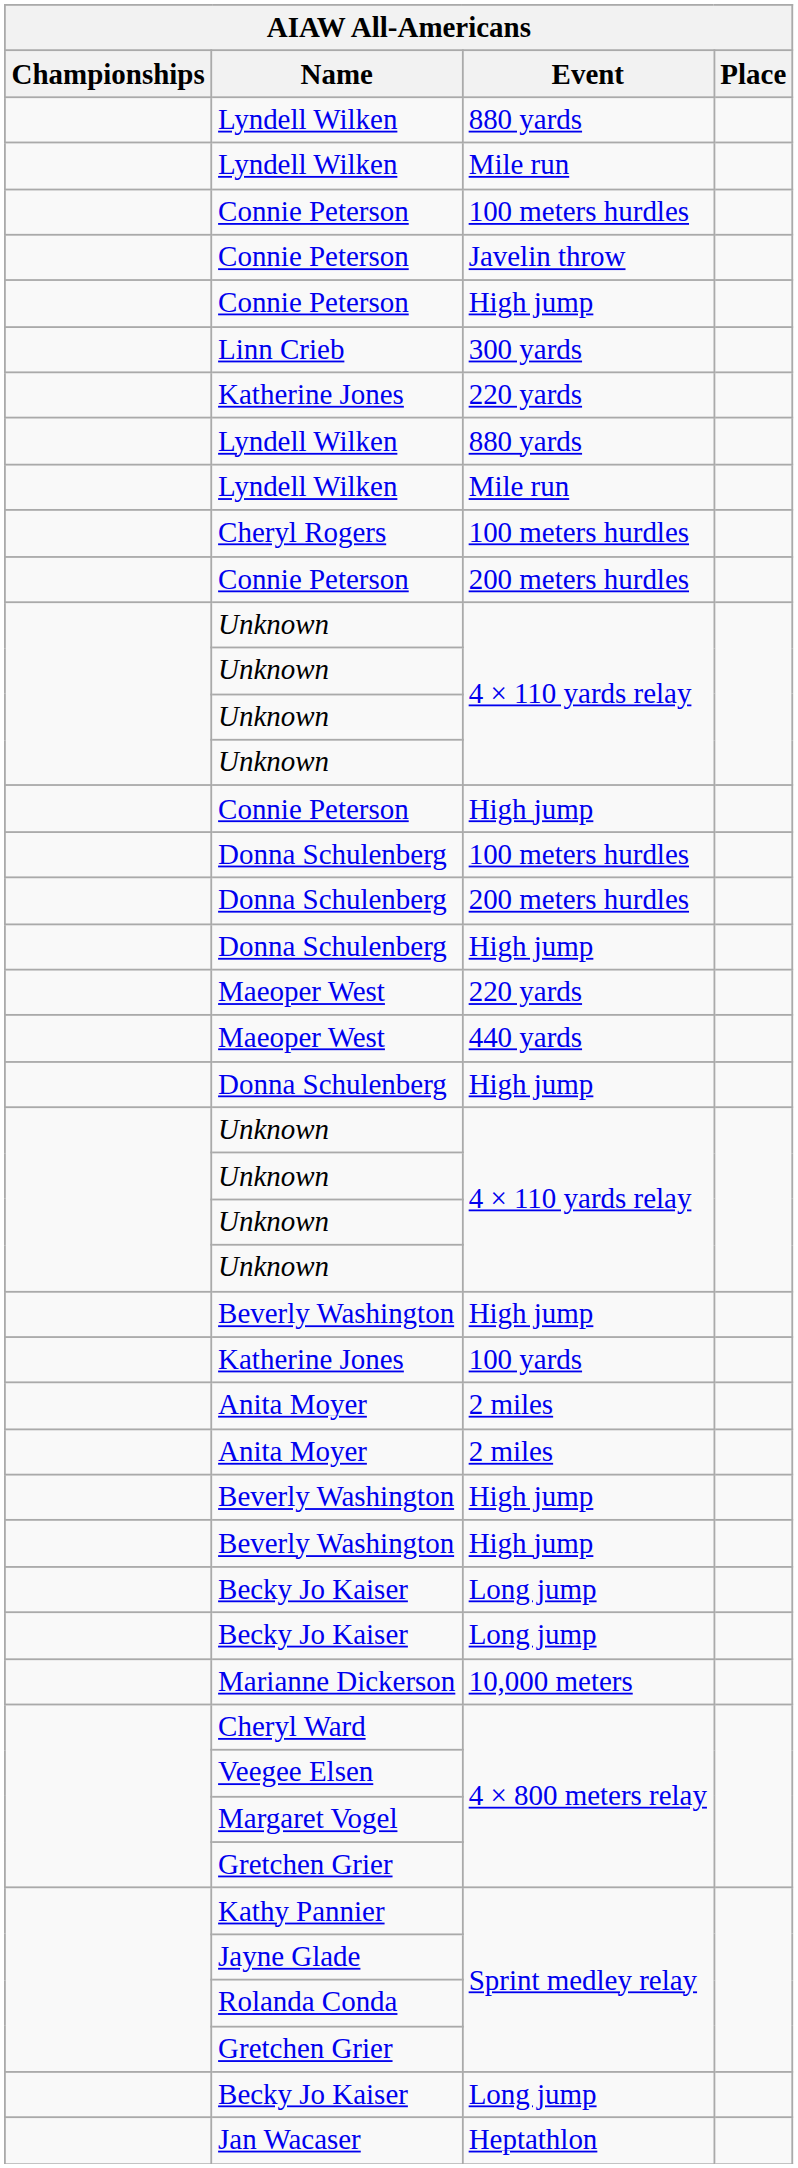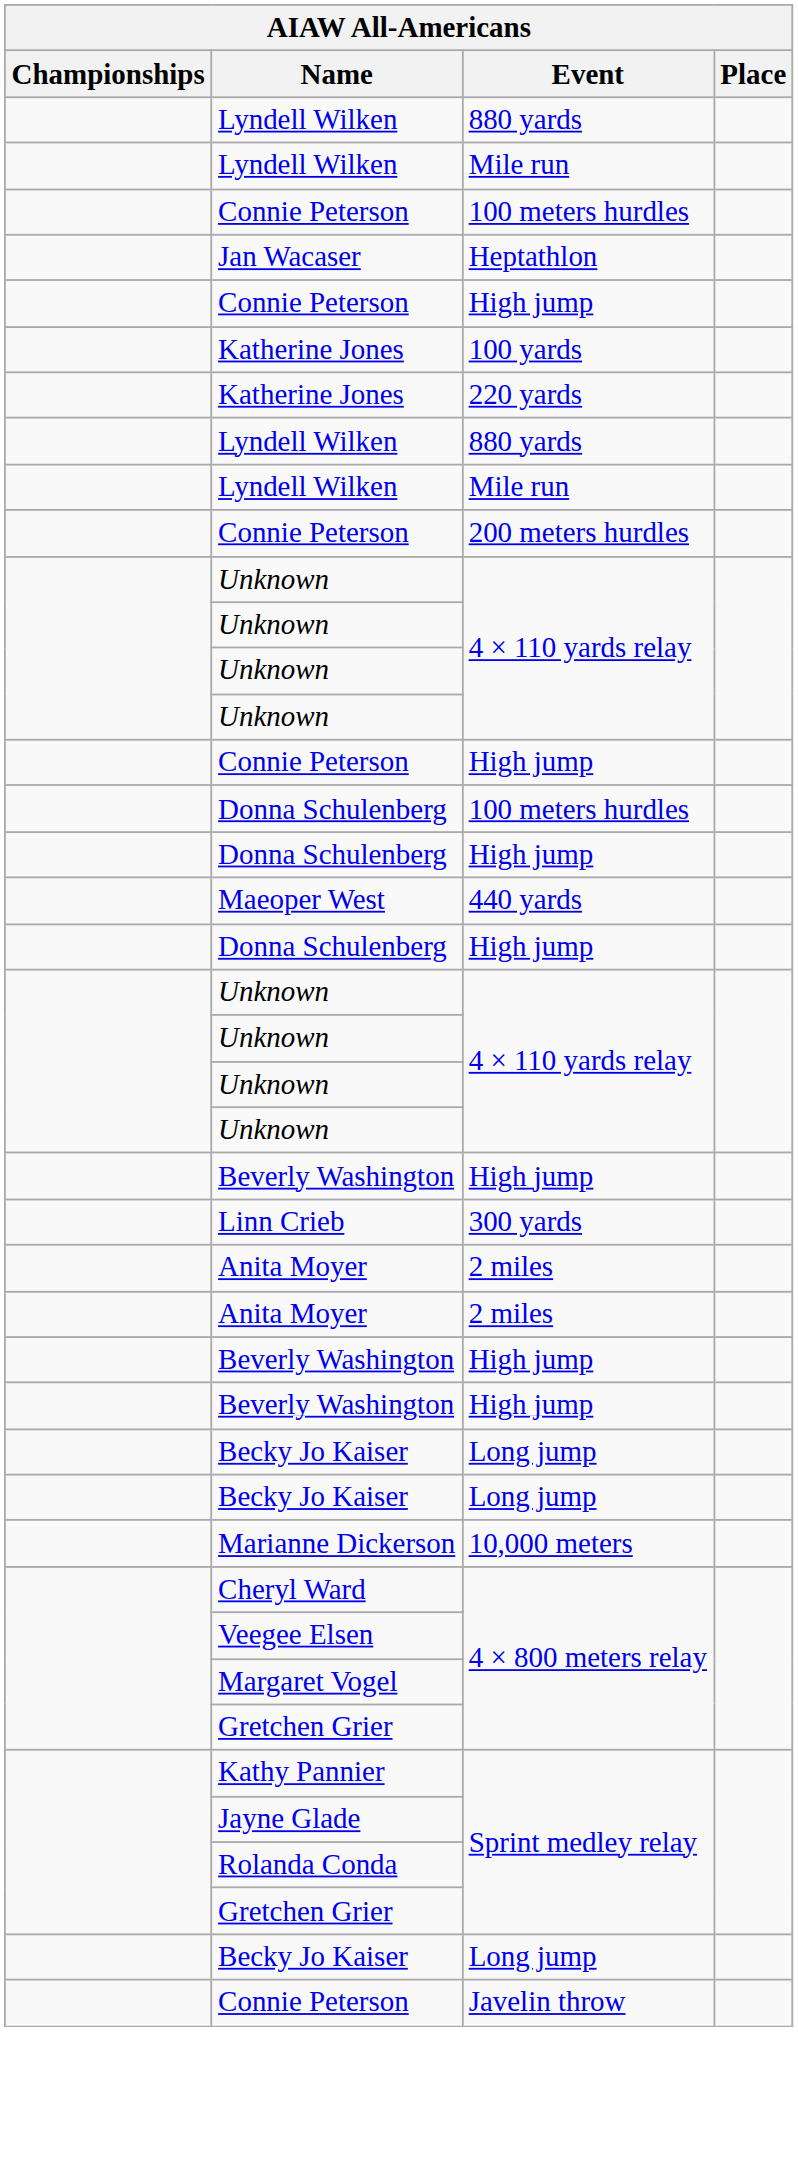 <table class="wikitable sortable">
 <tr>
 <th colspan="4">AIAW All-Americans</th>
 </tr>
 <tr>
 <th scope="col">Championships</th>
 <th scope="col">Name</th>
 <th scope="col">Event</th>
 <th scope="col">Place</th>
 </tr>
 <tr>
 <td></td>
 <td><a href='#'>Lyndell Wilken</a></td>
 <td><a href='#'>880 yards</a></td>
 <td></td>
 </tr>
 <tr>
 <td></td>
 <td><a href='#'>Lyndell Wilken</a></td>
 <td><a href='#'>Mile run</a></td>
 <td></td>
 </tr>
 <tr>
 <td></td>
 <td><a href='#'>Connie Peterson</a></td>
 <td><a href='#'>100 meters hurdles</a></td>
 <td></td>
 </tr>
 <tr>
 <td></td>
-<td><a href='#'>Connie Peterson</a></td>
-<td><a href='#'>Javelin throw</a></td>
+<td><a href='#'>Jan Wacaser</a></td>
+<td><a href='#'>Heptathlon</a></td>
 <td></td>
 </tr>
 <tr>
 <td></td>
 <td><a href='#'>Connie Peterson</a></td>
 <td><a href='#'>High jump</a></td>
 <td></td>
 </tr>
 <tr>
 <td></td>
-<td><a href='#'>Linn Crieb</a></td>
-<td><a href='#'>300 yards</a></td>
+<td><a href='#'>Katherine Jones</a></td>
+<td><a href='#'>100 yards</a></td>
 <td></td>
 </tr>
 <tr>
 <td></td>
 <td><a href='#'>Katherine Jones</a></td>
 <td><a href='#'>220 yards</a></td>
 <td></td>
 </tr>
 <tr>
 <td></td>
 <td><a href='#'>Lyndell Wilken</a></td>
 <td><a href='#'>880 yards</a></td>
 <td></td>
 </tr>
 <tr>
 <td></td>
 <td><a href='#'>Lyndell Wilken</a></td>
 <td><a href='#'>Mile run</a></td>
-<td></td>
-</tr>
-<tr>
-<td></td>
-<td><a href='#'>Cheryl Rogers</a></td>
-<td><a href='#'>100 meters hurdles</a></td>
 <td></td>
 </tr>
 <tr>
 <td></td>
 <td><a href='#'>Connie Peterson</a></td>
 <td><a href='#'>200 meters hurdles</a></td>
 <td></td>
 </tr>
 <tr>
 <td rowspan=4></td>
 <td><em>Unknown</em></td>
 <td rowspan=4><a href='#'>4 × 110 yards relay</a></td>
 <td rowspan=4></td>
 </tr>
 <tr>
 <td><em>Unknown</em></td>
 </tr>
 <tr>
 <td><em>Unknown</em></td>
 </tr>
 <tr>
 <td><em>Unknown</em></td>
 </tr>
 <tr>
 <td></td>
 <td><a href='#'>Connie Peterson</a></td>
 <td><a href='#'>High jump</a></td>
 <td></td>
 </tr>
 <tr>
 <td></td>
 <td><a href='#'>Donna Schulenberg</a></td>
 <td><a href='#'>100 meters hurdles</a></td>
 <td></td>
 </tr>
 <tr>
 <td></td>
 <td><a href='#'>Donna Schulenberg</a></td>
-<td><a href='#'>200 meters hurdles</a></td>
-<td></td>
-</tr>
-<tr>
-<td></td>
-<td><a href='#'>Donna Schulenberg</a></td>
 <td><a href='#'>High jump</a></td>
-<td></td>
-</tr>
-<tr>
-<td></td>
-<td><a href='#'>Maeoper West</a></td>
-<td><a href='#'>220 yards</a></td>
 <td></td>
 </tr>
 <tr>
 <td></td>
 <td><a href='#'>Maeoper West</a></td>
 <td><a href='#'>440 yards</a></td>
 <td></td>
 </tr>
 <tr>
 <td></td>
 <td><a href='#'>Donna Schulenberg</a></td>
 <td><a href='#'>High jump</a></td>
 <td></td>
 </tr>
 <tr>
 <td rowspan=4></td>
 <td><em>Unknown</em></td>
 <td rowspan=4><a href='#'>4 × 110 yards relay</a></td>
 <td rowspan=4></td>
 </tr>
 <tr>
 <td><em>Unknown</em></td>
 </tr>
 <tr>
 <td><em>Unknown</em></td>
 </tr>
 <tr>
 <td><em>Unknown</em></td>
 </tr>
 <tr>
 <td></td>
 <td><a href='#'>Beverly Washington</a></td>
 <td><a href='#'>High jump</a></td>
 <td></td>
 </tr>
 <tr>
 <td></td>
-<td><a href='#'>Katherine Jones</a></td>
-<td><a href='#'>100 yards</a></td>
+<td><a href='#'>Linn Crieb</a></td>
+<td><a href='#'>300 yards</a></td>
 <td></td>
 </tr>
 <tr>
 <td></td>
 <td><a href='#'>Anita Moyer</a></td>
 <td><a href='#'>2 miles</a></td>
 <td></td>
 </tr>
 <tr>
 <td></td>
 <td><a href='#'>Anita Moyer</a></td>
 <td><a href='#'>2 miles</a></td>
 <td></td>
 </tr>
 <tr>
 <td></td>
 <td><a href='#'>Beverly Washington</a></td>
 <td><a href='#'>High jump</a></td>
 <td></td>
 </tr>
 <tr>
 <td></td>
 <td><a href='#'>Beverly Washington</a></td>
 <td><a href='#'>High jump</a></td>
 <td></td>
 </tr>
 <tr>
 <td></td>
 <td><a href='#'>Becky Jo Kaiser</a></td>
 <td><a href='#'>Long jump</a></td>
 <td></td>
 </tr>
 <tr>
 <td></td>
 <td><a href='#'>Becky Jo Kaiser</a></td>
 <td><a href='#'>Long jump</a></td>
 <td></td>
 </tr>
 <tr>
 <td></td>
 <td><a href='#'>Marianne Dickerson</a></td>
 <td><a href='#'>10,000 meters</a></td>
 <td></td>
 </tr>
 <tr>
 <td rowspan=4></td>
 <td><a href='#'>Cheryl Ward</a></td>
 <td rowspan=4><a href='#'>4 × 800 meters relay</a></td>
 <td rowspan=4></td>
 </tr>
 <tr>
 <td><a href='#'>Veegee Elsen</a></td>
 </tr>
 <tr>
 <td><a href='#'>Margaret Vogel</a></td>
 </tr>
 <tr>
 <td><a href='#'>Gretchen Grier</a></td>
 </tr>
 <tr>
 <td rowspan=4></td>
 <td><a href='#'>Kathy Pannier</a></td>
 <td rowspan=4><a href='#'>Sprint medley relay</a></td>
 <td rowspan=4></td>
 </tr>
 <tr>
 <td><a href='#'>Jayne Glade</a></td>
 </tr>
 <tr>
 <td><a href='#'>Rolanda Conda</a></td>
 </tr>
 <tr>
 <td><a href='#'>Gretchen Grier</a></td>
 </tr>
 <tr>
 <td></td>
 <td><a href='#'>Becky Jo Kaiser</a></td>
 <td><a href='#'>Long jump</a></td>
 <td></td>
 </tr>
 <tr>
 <td></td>
-<td><a href='#'>Jan Wacaser</a></td>
-<td><a href='#'>Heptathlon</a></td>
+<td><a href='#'>Connie Peterson</a></td>
+<td><a href='#'>Javelin throw</a></td>
 <td></td>
 </tr>
 </table>
